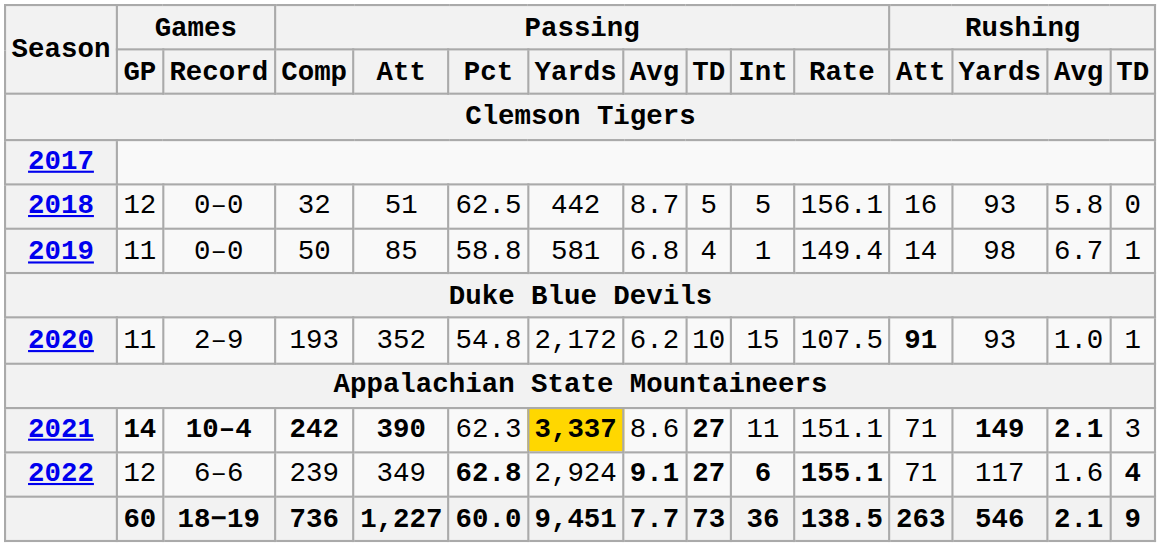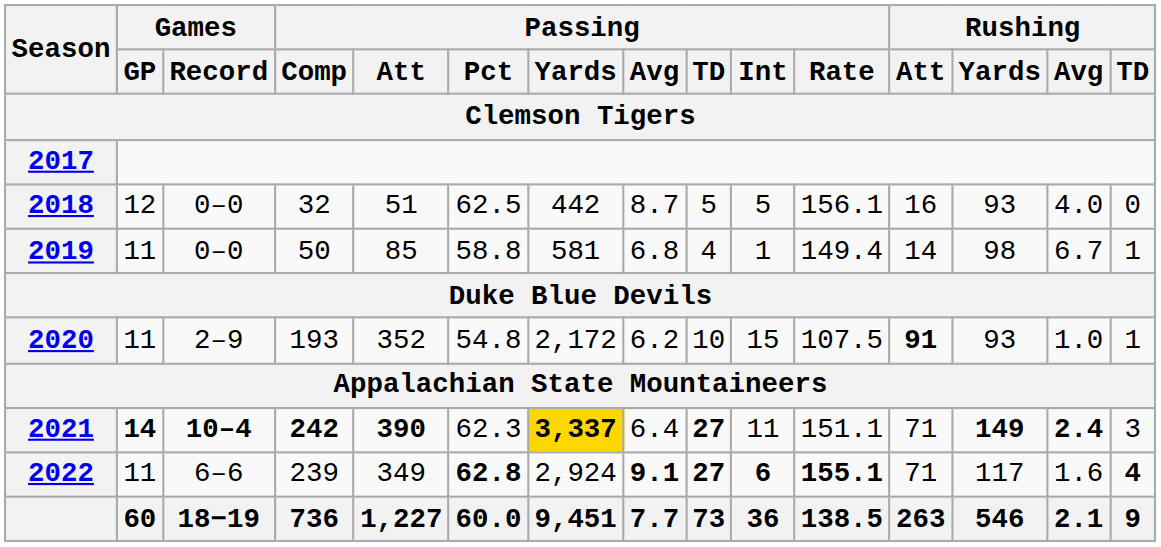 <table class="wikitable" style="text-align:center;">
 <tr>
 <th rowspan="2">Season</th>
 <th colspan="2">Games</th>
 <th colspan="8">Passing</th>
 <th colspan="4">Rushing</th>
 </tr>
 <tr>
 <th>GP</th>
 <th>Record</th>
 <th>Comp</th>
 <th>Att</th>
 <th>Pct</th>
 <th>Yards</th>
 <th>Avg</th>
 <th>TD</th>
 <th>Int</th>
 <th>Rate</th>
 <th>Att</th>
 <th>Yards</th>
 <th>Avg</th>
 <th>TD</th>
 </tr>
 <tr>
 <th colspan="16">Clemson Tigers</th>
 </tr>
 <tr>
 <th><a href='#'>2017</a></th>
 <td colspan="15"></td>
 </tr>
 <tr>
 <th><a href='#'>2018</a></th>
 <td>12</td>
 <td>0–0</td>
 <td>32</td>
 <td>51</td>
 <td>62.5</td>
 <td>442</td>
 <td>8.7</td>
 <td>5</td>
 <td>5</td>
 <td>156.1</td>
 <td>16</td>
 <td>93</td>
-<td>5.8</td>
+<td>4.0</td>
 <td>0</td>
 </tr>
 <tr>
 <th><a href='#'>2019</a></th>
 <td>11</td>
 <td>0–0</td>
 <td>50</td>
 <td>85</td>
 <td>58.8</td>
 <td>581</td>
 <td>6.8</td>
 <td>4</td>
 <td>1</td>
 <td>149.4</td>
 <td>14</td>
 <td>98</td>
 <td>6.7</td>
 <td>1</td>
 </tr>
 <tr>
 <th colspan="16">Duke Blue Devils</th>
 </tr>
 <tr>
 <th><a href='#'>2020</a></th>
 <td>11</td>
 <td>2–9</td>
 <td>193</td>
 <td>352</td>
 <td>54.8</td>
 <td>2,172</td>
 <td>6.2</td>
 <td>10</td>
 <td>15</td>
 <td>107.5</td>
 <td><strong>91</strong></td>
 <td>93</td>
 <td>1.0</td>
 <td>1</td>
 </tr>
 <tr>
 <th colspan="16">Appalachian State Mountaineers</th>
 </tr>
 <tr>
 <th><a href='#'>2021</a></th>
 <td><strong>14</strong></td>
 <td><strong>10–4</strong></td>
 <td><strong>242</strong></td>
 <td><strong>390</strong></td>
 <td>62.3</td>
 <td style="background: gold;"><strong>3,337</strong></td>
-<td>8.6</td>
+<td>6.4</td>
 <td><strong>27</strong></td>
 <td>11</td>
 <td>151.1</td>
 <td>71</td>
 <td><strong>149</strong></td>
-<td><strong>2.1</strong></td>
+<td><strong>2.4</strong></td>
 <td>3</td>
 </tr>
 <tr>
 <th><a href='#'>2022</a></th>
-<td>12</td>
+<td>11</td>
 <td>6–6</td>
 <td>239</td>
 <td>349</td>
 <td><strong>62.8</strong></td>
 <td>2,924</td>
 <td><strong>9.1</strong></td>
 <td><strong>27</strong></td>
 <td><strong>6</strong></td>
 <td><strong>155.1</strong></td>
 <td>71</td>
 <td>117</td>
 <td>1.6</td>
 <td><strong>4</strong></td>
 </tr>
 <tr>
 <th></th>
 <th>60</th>
 <th>18−19</th>
 <th>736</th>
 <th>1,227</th>
 <th>60.0</th>
 <th>9,451</th>
 <th>7.7</th>
 <th>73</th>
 <th>36</th>
 <th>138.5</th>
 <th>263</th>
 <th>546</th>
 <th>2.1</th>
 <th>9</th>
 </tr>
 </table>
